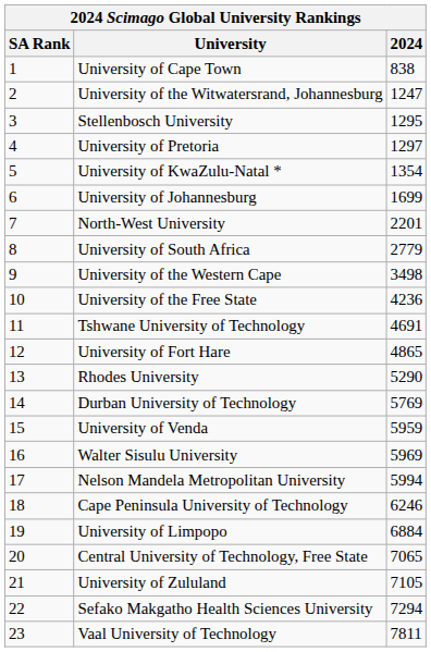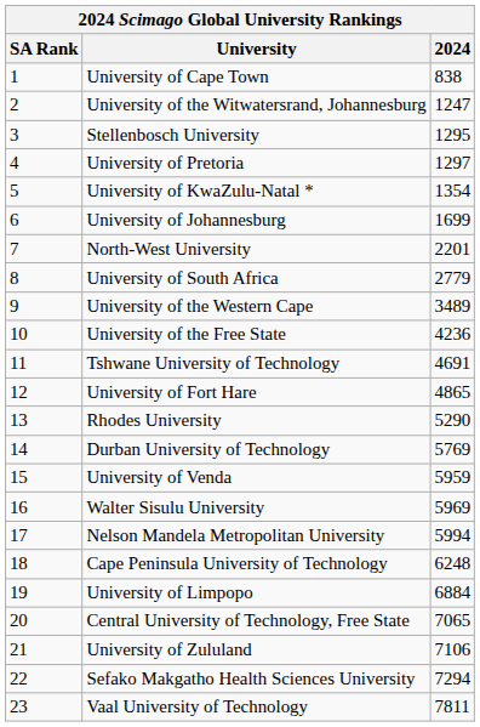 <table class="wikitable sortable" style="text-align: centre;">
 <tr>
 <th colspan="3">2024 <em>Scimago</em> Global‌ University Rankings</th>
 </tr>
 <tr>
 <th>SA Rank</th>
 <th>University</th>
 <th>2024</th>
 </tr>
 <tr>
 <td>1</td>
 <td>University of Cape Town</td>
 <td>838</td>
 </tr>
 <tr>
 <td>2</td>
 <td>University of the Witwatersrand, Johannesburg</td>
 <td>1247</td>
 </tr>
 <tr>
 <td>3</td>
 <td>Stellenbosch University</td>
 <td>1295</td>
 </tr>
 <tr>
 <td>4</td>
 <td>University of Pretoria</td>
 <td>1297</td>
 </tr>
 <tr>
 <td>5</td>
 <td>University of KwaZulu-Natal *</td>
 <td>1354</td>
 </tr>
 <tr>
 <td>6</td>
 <td>University of Johannesburg</td>
 <td>1699</td>
 </tr>
 <tr>
 <td>7</td>
 <td>North-West University</td>
 <td>2201</td>
 </tr>
 <tr>
 <td>8</td>
 <td>University of South Africa</td>
 <td>2779</td>
 </tr>
 <tr>
 <td>9</td>
 <td>University of the Western Cape</td>
-<td>3498</td>
+<td>3489</td>
 </tr>
 <tr>
 <td>10</td>
 <td>University of the Free State</td>
 <td>4236</td>
 </tr>
 <tr>
 <td>11</td>
 <td>Tshwane University of Technology</td>
 <td>4691</td>
 </tr>
 <tr>
 <td>12</td>
 <td>University of Fort Hare</td>
 <td>4865</td>
 </tr>
 <tr>
 <td>13</td>
 <td>Rhodes University</td>
 <td>5290</td>
 </tr>
 <tr>
 <td>14</td>
 <td>Durban University of Technology</td>
 <td>5769</td>
 </tr>
 <tr>
 <td>15</td>
 <td>University of Venda</td>
 <td>5959</td>
 </tr>
 <tr>
 <td>16</td>
 <td>Walter Sisulu University</td>
 <td>5969</td>
 </tr>
 <tr>
 <td>17</td>
 <td>Nelson Mandela Metropolitan University</td>
 <td>5994</td>
 </tr>
 <tr>
 <td>18</td>
 <td>Cape Peninsula University of Technology</td>
-<td>6246</td>
+<td>6248</td>
 </tr>
 <tr>
 <td>19</td>
 <td>University of Limpopo</td>
 <td>6884</td>
 </tr>
 <tr>
 <td>20</td>
 <td>Central University of Technology, Free State</td>
 <td>7065</td>
 </tr>
 <tr>
 <td>21</td>
 <td>University of Zululand</td>
-<td>7105</td>
+<td>7106</td>
 </tr>
 <tr>
 <td>22</td>
 <td>Sefako Makgatho Health Sciences University</td>
 <td>7294</td>
 </tr>
 <tr>
 <td>23</td>
 <td>Vaal University of Technology</td>
 <td>7811</td>
 </tr>
 </table>
